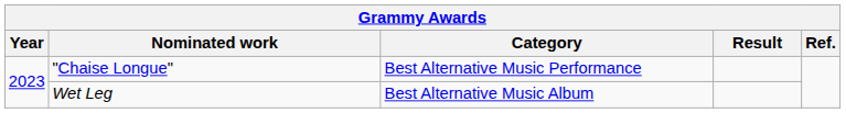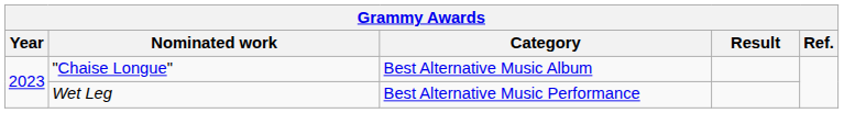 <table class="wikitable">
 <tr>
 <th colspan="5" align="center"><a href='#'>Grammy Awards</a></th>
 </tr>
 <tr>
 <th scope="col" style="width:1em;">Year</th>
 <th scope="col" style="width:20em;">Nominated work</th>
 <th scope="col" style="width:20em;">Category</th>
 <th scope="col" style="width:5em;">Result</th>
 <th scope="col" style="width:1em;">Ref.</th>
 </tr>
 <tr>
 <td rowspan="2"><a href='#'>2023</a></td>
 <td>"<a href='#'>Chaise Longue</a>"</td>
-<td><a href='#'>Best Alternative Music Performance</a></td>
+<td><a href='#'>Best Alternative Music Album</a></td>
 <td></td>
 <td rowspan="2" align="center"></td>
 </tr>
 <tr>
 <td><em>Wet Leg</em></td>
-<td><a href='#'>Best Alternative Music Album</a></td>
+<td><a href='#'>Best Alternative Music Performance</a></td>
 <td></td>
 </tr>
 </table>
